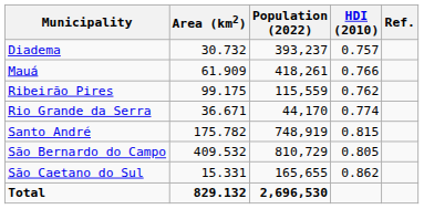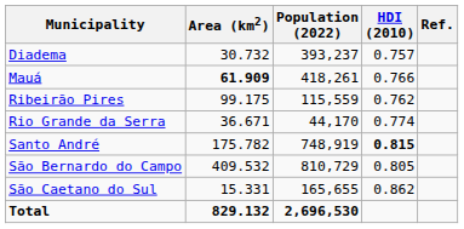 <table class="wikitable sortable">
 <tr>
 <th>Municipality</th>
 <th>Area (km<sup>2</sup>)</th>
 <th>Population<br>(2022)</th>
 <th><a href='#'>HDI</a><br>(2010)</th>
 <th>Ref.</th>
 </tr>
 <tr>
 <td><a href='#'>Diadema</a></td>
 <td align=right>30.732</td>
 <td align="right">393,237</td>
 <td align=right>0.757</td>
 <td align=right></td>
 </tr>
 <tr>
 <td><a href='#'>Mauá</a></td>
-<td align=right>61.909</td>
+<td align=right><strong>61.909</strong></td>
 <td align="right">418,261</td>
 <td align=right>0.766</td>
 <td align=right></td>
 </tr>
 <tr>
 <td><a href='#'>Ribeirão Pires</a></td>
 <td align=right>99.175</td>
 <td align="right">115,559</td>
 <td align=right>0.762</td>
 <td align=right></td>
 </tr>
 <tr>
 <td><a href='#'>Rio Grande da Serra</a></td>
 <td align=right>36.671</td>
 <td align="right">44,170</td>
 <td align=right>0.774</td>
 <td align=right></td>
 </tr>
 <tr>
 <td><a href='#'>Santo André</a></td>
 <td align=right>175.782</td>
 <td align="right">748,919</td>
-<td align=right>0.815</td>
+<td align=right><strong>0.815</strong></td>
 <td align=right></td>
 </tr>
 <tr>
 <td><a href='#'>São Bernardo do Campo</a></td>
 <td align=right>409.532</td>
 <td align="right">810,729</td>
 <td align=right>0.805</td>
 <td align=right></td>
 </tr>
 <tr>
 <td><a href='#'>São Caetano do Sul</a></td>
 <td align=right>15.331</td>
 <td align="right">165,655</td>
 <td align=right>0.862</td>
 <td align=right></td>
 </tr>
 <tr>
 <td><strong>Total</strong></td>
 <td align=right><strong>829.132</strong></td>
 <td align="right"><strong>2,696,530</strong></td>
 <td align=center></td>
 </tr>
 </table>
